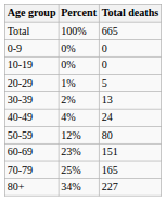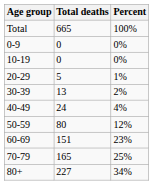 <table class="wikitable" style="display: inline-table;">
 <tr>
 <th>Age group</th>
+<th>Total deaths</th>
 <th>Percent</th>
-<th>Total deaths</th>
 </tr>
 <tr>
 <td>Total</td>
+<td>665</td>
 <td>100%</td>
-<td>665</td>
 </tr>
 <tr>
 <td>0-9</td>
+<td>0</td>
 <td>0%</td>
-<td>0</td>
 </tr>
 <tr>
 <td>10-19</td>
+<td>0</td>
 <td>0%</td>
-<td>0</td>
 </tr>
 <tr>
 <td>20-29</td>
+<td>5</td>
 <td>1%</td>
-<td>5</td>
 </tr>
 <tr>
 <td>30-39</td>
+<td>13</td>
 <td>2%</td>
-<td>13</td>
 </tr>
 <tr>
 <td>40-49</td>
+<td>24</td>
 <td>4%</td>
-<td>24</td>
 </tr>
 <tr>
 <td>50-59</td>
+<td>80</td>
 <td>12%</td>
-<td>80</td>
 </tr>
 <tr>
 <td>60-69</td>
+<td>151</td>
 <td>23%</td>
-<td>151</td>
 </tr>
 <tr>
 <td>70-79</td>
+<td>165</td>
 <td>25%</td>
-<td>165</td>
 </tr>
 <tr>
 <td>80+</td>
+<td>227</td>
 <td>34%</td>
-<td>227</td>
 </tr>
 </table>
